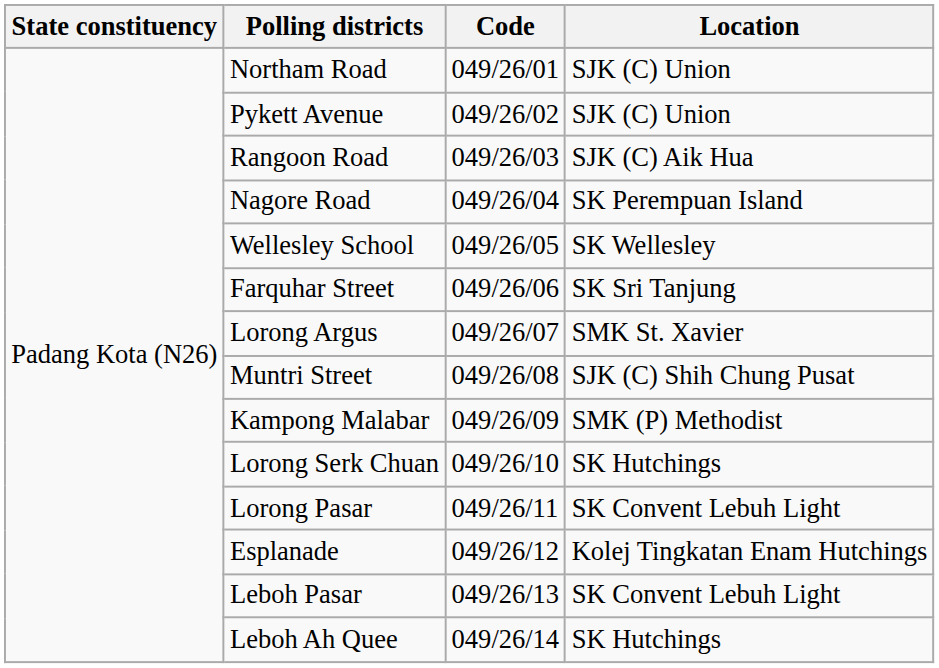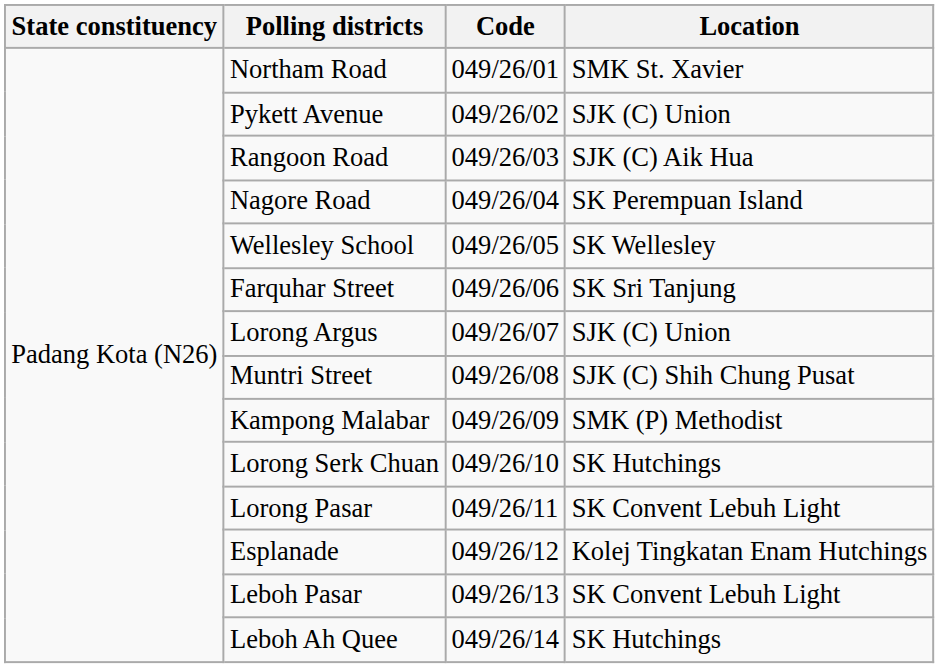 <table class="wikitable sortable mw-collapsible" style="white-space:nowrap;font-size:85%">
 <tr>
 <th>State constituency</th>
 <th>Polling districts</th>
 <th>Code</th>
 <th>Location</th>
 </tr>
 <tr>
 <td rowspan="14">Padang Kota (N26)</td>
 <td>Northam Road</td>
 <td>049/26/01</td>
-<td>SJK (C) Union</td>
+<td>SMK St. Xavier</td>
 </tr>
 <tr>
 <td>Pykett Avenue</td>
 <td>049/26/02</td>
 <td>SJK (C) Union</td>
 </tr>
 <tr>
 <td>Rangoon Road</td>
 <td>049/26/03</td>
 <td>SJK (C) Aik Hua</td>
 </tr>
 <tr>
 <td>Nagore Road</td>
 <td>049/26/04</td>
 <td>SK Perempuan Island</td>
 </tr>
 <tr>
 <td>Wellesley School</td>
 <td>049/26/05</td>
 <td>SK Wellesley</td>
 </tr>
 <tr>
 <td>Farquhar Street</td>
 <td>049/26/06</td>
 <td>SK Sri Tanjung</td>
 </tr>
 <tr>
 <td>Lorong Argus</td>
 <td>049/26/07</td>
-<td>SMK St. Xavier</td>
+<td>SJK (C) Union</td>
 </tr>
 <tr>
 <td>Muntri Street</td>
 <td>049/26/08</td>
 <td>SJK (C) Shih Chung Pusat</td>
 </tr>
 <tr>
 <td>Kampong Malabar</td>
 <td>049/26/09</td>
 <td>SMK (P) Methodist</td>
 </tr>
 <tr>
 <td>Lorong Serk Chuan</td>
 <td>049/26/10</td>
 <td>SK Hutchings</td>
 </tr>
 <tr>
 <td>Lorong Pasar</td>
 <td>049/26/11</td>
 <td>SK Convent Lebuh Light</td>
 </tr>
 <tr>
 <td>Esplanade</td>
 <td>049/26/12</td>
 <td>Kolej Tingkatan Enam Hutchings</td>
 </tr>
 <tr>
 <td>Leboh Pasar</td>
 <td>049/26/13</td>
 <td>SK Convent Lebuh Light</td>
 </tr>
 <tr>
 <td>Leboh Ah Quee</td>
 <td>049/26/14</td>
 <td>SK Hutchings</td>
 </tr>
 </table>
